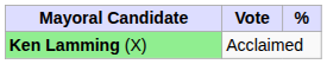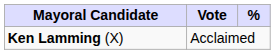 <table class="wikitable">
 <tr>
 <th style="background:#ddf; width:200px;">Mayoral Candidate</th>
 <th style="background:#ddf; width:50px;">Vote</th>
 <th style="background:#ddf; width:30px;">%</th>
 </tr>
 <tr>
-<td style="background: lightgreen;"><strong>Ken Lamming</strong> (X)</td>
+<td><strong>Ken Lamming</strong> (X)</td>
 <td colspan="2">Acclaimed</td>
 </tr>
 </table>
